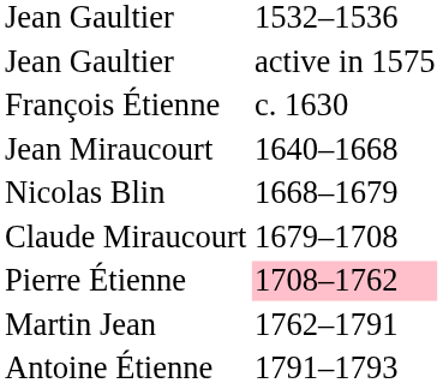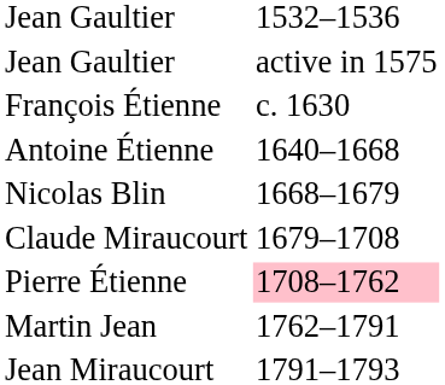 <table>
 <tr>
 <td>Jean Gaultier</td>
 <td>1532–1536</td>
 </tr>
 <tr>
 <td>Jean Gaultier</td>
 <td>active in 1575</td>
 </tr>
 <tr>
 <td>François Étienne</td>
 <td>c. 1630</td>
 </tr>
 <tr>
-<td>Jean Miraucourt</td>
+<td>Antoine Étienne</td>
 <td>1640–1668</td>
 </tr>
 <tr>
 <td>Nicolas Blin</td>
 <td>1668–1679</td>
 </tr>
 <tr>
 <td>Claude Miraucourt</td>
 <td>1679–1708</td>
 </tr>
 <tr>
 <td>Pierre Étienne</td>
 <td style="background: pink;">1708–1762</td>
 </tr>
 <tr>
 <td>Martin Jean</td>
 <td>1762–1791</td>
 </tr>
 <tr>
-<td>Antoine Étienne</td>
+<td>Jean Miraucourt</td>
 <td>1791–1793</td>
 </tr>
 </table>
